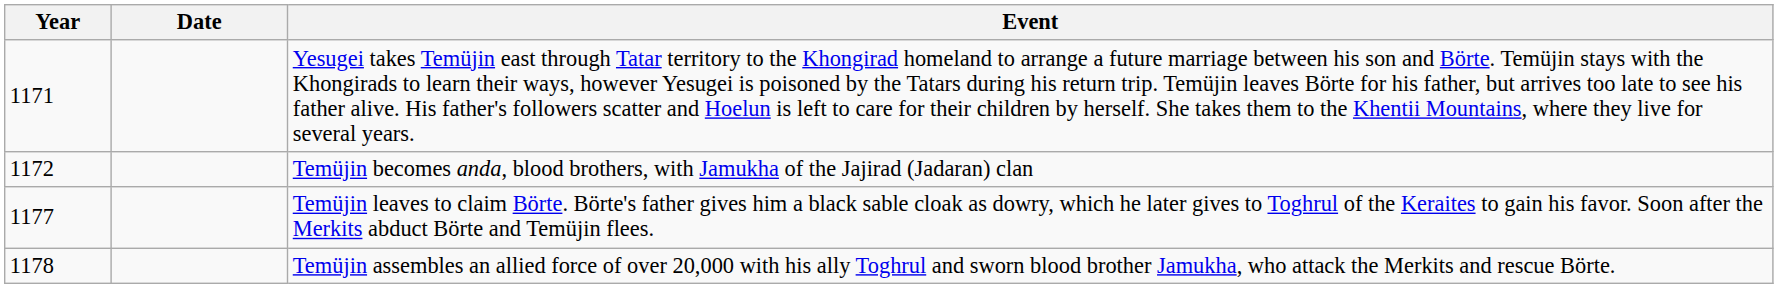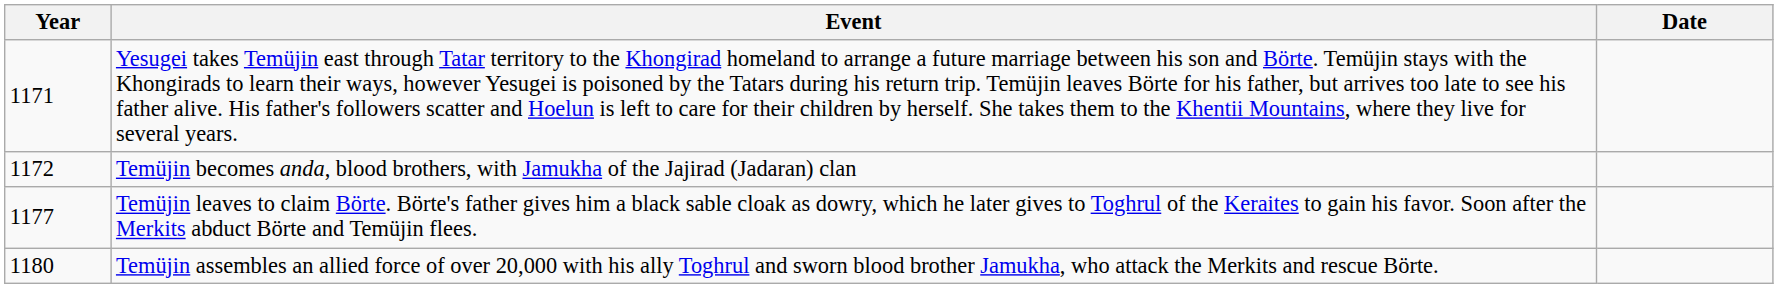 <table class="wikitable" width="100%">
 <tr>
 <th style="width:6%">Year</th>
+<th>Event</th>
 <th style="width:10%">Date</th>
-<th>Event</th>
 </tr>
 <tr>
 <td>1171</td>
+<td><a href='#'>Yesugei</a> takes <a href='#'>Temüjin</a> east through <a href='#'>Tatar</a> territory to the <a href='#'>Khongirad</a> homeland to arrange a future marriage between his son and <a href='#'>Börte</a>. Temüjin stays with the Khongirads to learn their ways, however Yesugei is poisoned by the Tatars during his return trip. Temüjin leaves Börte for his father, but arrives too late to see his father alive. His father's followers scatter and <a href='#'>Hoelun</a> is left to care for their children by herself. She takes them to the <a href='#'>Khentii Mountains</a>, where they live for several years.</td>
 <td></td>
-<td><a href='#'>Yesugei</a> takes <a href='#'>Temüjin</a> east through <a href='#'>Tatar</a> territory to the <a href='#'>Khongirad</a> homeland to arrange a future marriage between his son and <a href='#'>Börte</a>. Temüjin stays with the Khongirads to learn their ways, however Yesugei is poisoned by the Tatars during his return trip. Temüjin leaves Börte for his father, but arrives too late to see his father alive. His father's followers scatter and <a href='#'>Hoelun</a> is left to care for their children by herself. She takes them to the <a href='#'>Khentii Mountains</a>, where they live for several years.</td>
 </tr>
 <tr>
 <td>1172</td>
+<td><a href='#'>Temüjin</a> becomes <em>anda</em>, blood brothers, with <a href='#'>Jamukha</a> of the Jajirad (Jadaran) clan</td>
 <td></td>
-<td><a href='#'>Temüjin</a> becomes <em>anda</em>, blood brothers, with <a href='#'>Jamukha</a> of the Jajirad (Jadaran) clan</td>
 </tr>
 <tr>
 <td>1177</td>
+<td><a href='#'>Temüjin</a> leaves to claim <a href='#'>Börte</a>. Börte's father gives him a black sable cloak as dowry, which he later gives to <a href='#'>Toghrul</a> of the <a href='#'>Keraites</a> to gain his favor. Soon after the <a href='#'>Merkits</a> abduct Börte and Temüjin flees. </td>
 <td></td>
-<td><a href='#'>Temüjin</a> leaves to claim <a href='#'>Börte</a>. Börte's father gives him a black sable cloak as dowry, which he later gives to <a href='#'>Toghrul</a> of the <a href='#'>Keraites</a> to gain his favor. Soon after the <a href='#'>Merkits</a> abduct Börte and Temüjin flees. </td>
 </tr>
 <tr>
-<td>1178</td>
+<td>1180</td>
+<td><a href='#'>Temüjin</a> assembles an allied force of over 20,000 with his ally <a href='#'>Toghrul</a> and sworn blood brother <a href='#'>Jamukha</a>, who attack the Merkits and rescue Börte.</td>
 <td></td>
-<td><a href='#'>Temüjin</a> assembles an allied force of over 20,000 with his ally <a href='#'>Toghrul</a> and sworn blood brother <a href='#'>Jamukha</a>, who attack the Merkits and rescue Börte.</td>
 </tr>
 </table>
